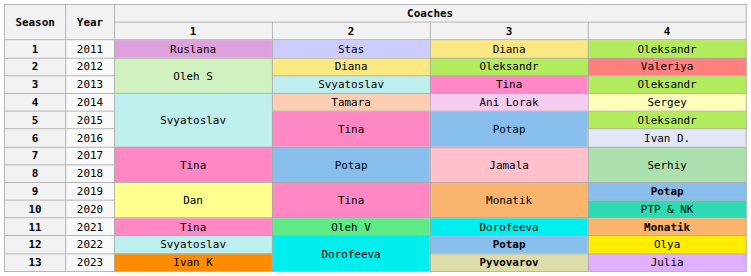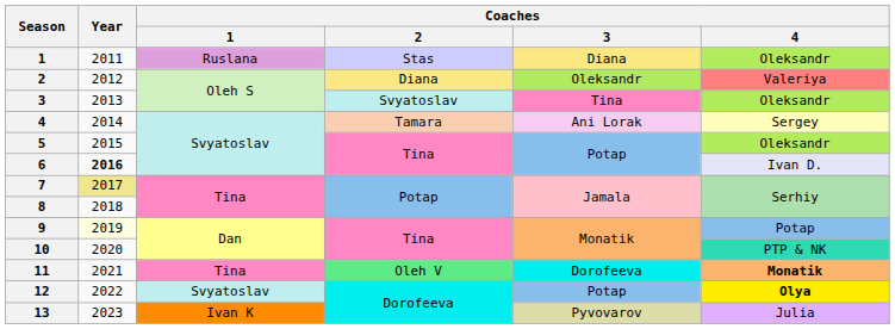 <table class="wikitable collapsible collapsed" style="text-align:center; width:100%">
 <tr>
 <th width="2%" rowspan="2">Season</th>
 <th width="2%" rowspan="2">Year</th>
 <th colspan="5">Coaches</th>
 </tr>
 <tr>
 <th width="10%">1</th>
 <th width="10%">2</th>
 <th width="10%">3</th>
 <th width="10%">4</th>
 </tr>
 <tr>
 <th>1</th>
 <td>2011</td>
 <td style="background:#dda0dd">Ruslana</td>
 <td style="background:#ccccff">Stas</td>
 <td style="background:#FCE883">Diana</td>
 <td style="background:#B2EC5D">Oleksandr</td>
 </tr>
 <tr>
 <th>2</th>
 <td>2012</td>
 <td rowspan="2" style="background:#d0f0c0">Oleh S</td>
 <td style="background:#FCE883">Diana</td>
 <td style="background:#B2EC5D">Oleksandr</td>
 <td style="background:#ff7f7f">Valeriya</td>
 </tr>
 <tr>
 <th>3</th>
 <td>2013</td>
 <td style="background:#bfeeee">Svyatoslav</td>
 <td style="background:#FF87C3">Tina</td>
 <td style="background:#B2EC5D">Oleksandr</td>
 </tr>
 <tr>
 <th>4</th>
 <td>2014</td>
 <td rowspan="3" style="background:#bfeeee">Svyatoslav</td>
 <td style="background:#fbceb1">Tamara</td>
 <td style="background:#f7ccf2">Ani Lorak</td>
 <td style="background:#ffffbb">Sergey</td>
 </tr>
 <tr>
 <th>5</th>
 <td>2015</td>
 <td rowspan="2" style="background:#FF87C3">Tina</td>
 <td rowspan="2" style="background:#87beeb">Potap</td>
 <td style="background:#B2EC5D">Oleksandr</td>
 </tr>
 <tr>
 <th>6</th>
-<td>2016</td>
+<td><strong>2016</strong></td>
 <td style="background:#e5e5f8">Ivan D.</td>
 </tr>
 <tr>
 <th>7</th>
-<td>2017</td>
+<td style="background: khaki;">2017</td>
 <td rowspan="2" style="background:#FF87C3">Tina</td>
 <td rowspan="2" style="background:#87beeb">Potap</td>
 <td rowspan="2" style="background: pink">Jamala</td>
 <td rowspan="2" style="background:#ace1af">Serhiy</td>
 </tr>
 <tr>
 <th>8</th>
 <td>2018</td>
 </tr>
 <tr>
 <th>9</th>
-<td>2019</td>
+<td style="background: lightyellow;">2019</td>
 <td rowspan="2" style="background:#FFFF90">Dan</td>
 <td rowspan="2" style="background:#FF87C3">Tina</td>
 <td rowspan="2" style="background:#fbb46e">Monatik</td>
-<td style="background:#87beeb"><strong>Potap</strong></td>
+<td style="background:#87beeb">Potap</td>
 </tr>
 <tr>
 <th>10</th>
 <td>2020</td>
 <td style="background:#2ddab4">PTP & NK</td>
 </tr>
 <tr>
 <th>11</th>
 <td>2021</td>
 <td style="background:#FF87C3">Tina</td>
 <td style="background:#5deb87">Oleh V</td>
 <td style="background:#00eeee">Dorofeeva</td>
 <td style="background:#fbb46e"><strong>Monatik</strong></td>
 </tr>
 <tr>
 <th>12</th>
 <td>2022</td>
 <td style="background:#bfeeee">Svyatoslav</td>
 <td rowspan="2" style="background:#00eeee">Dorofeeva</td>
-<td style="background:#87beeb"><strong>Potap</strong></td>
-<td style="background:#ffed00">Olya</td>
+<td style="background:#87beeb">Potap</td>
+<td style="background:#ffed00"><strong>Olya</strong></td>
 </tr>
 <tr>
 <th>13</th>
 <td>2023</td>
 <td style="background:#FF8C00">Ivan K</td>
-<td style="background:#ddddaa"><strong>Pyvovarov</strong></td>
+<td style="background:#ddddaa">Pyvovarov</td>
 <td style="background:#E0B0FF">Julia</td>
 </tr>
 </table>
